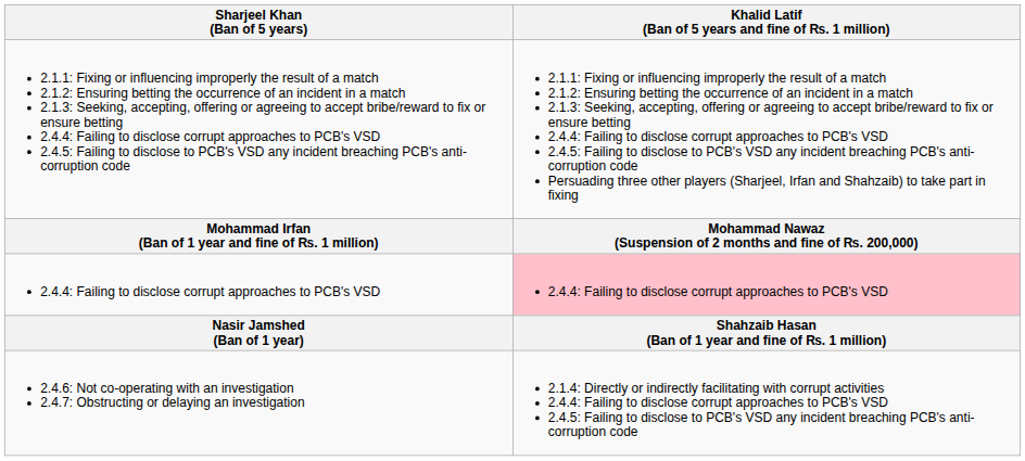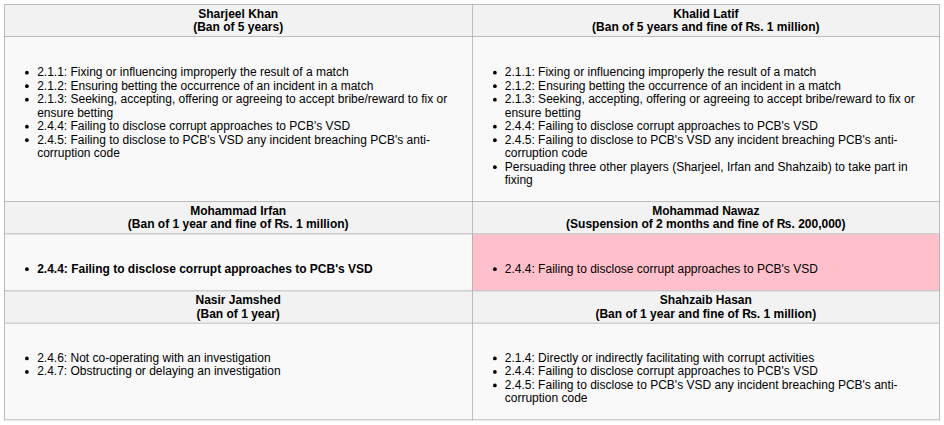 <table class=wikitable>
 <tr>
 <th style="width:50%">Sharjeel Khan<br>(Ban of 5 years)</th>
 <th style="width:50%">Khalid Latif<br>(Ban of 5 years and fine of ₨. 1 million)</th>
 </tr>
 <tr>
 <td valign="top"><br><ul><li>2.1.1: Fixing or influencing improperly the result of a match</li><li>2.1.2: Ensuring betting the occurrence of an incident in a match</li><li>2.1.3: Seeking, accepting, offering or agreeing to accept bribe/reward to fix or ensure betting</li><li>2.4.4: Failing to disclose corrupt approaches to PCB's VSD</li><li>2.4.5: Failing to disclose to PCB's VSD any incident breaching PCB's anti-corruption code</li></ul></td>
 <td valign="top"><br><ul><li>2.1.1: Fixing or influencing improperly the result of a match</li><li>2.1.2: Ensuring betting the occurrence of an incident in a match</li><li>2.1.3: Seeking, accepting, offering or agreeing to accept bribe/reward to fix or ensure betting</li><li>2.4.4: Failing to disclose corrupt approaches to PCB's VSD</li><li>2.4.5: Failing to disclose to PCB's VSD any incident breaching PCB's anti-corruption code</li><li>Persuading three other players (Sharjeel, Irfan and Shahzaib) to take part in fixing</li></ul></td>
 </tr>
 <tr>
 <th style="width:50%">Mohammad Irfan<br>(Ban of 1 year and fine of ₨. 1 million)</th>
 <th style="width:50%">Mohammad Nawaz<br>(Suspension of 2 months and fine of ₨. 200,000)</th>
 </tr>
 <tr>
-<td valign="top"><br><ul><li>2.4.4: Failing to disclose corrupt approaches to PCB's VSD</li></ul></td>
+<td valign="top"><strong><br><ul><li>2.4.4: Failing to disclose corrupt approaches to PCB's VSD</li></ul></strong></td>
 <td valign="top" style="background: pink;"><br><ul><li>2.4.4: Failing to disclose corrupt approaches to PCB's VSD</li></ul></td>
 </tr>
 <tr>
 <th style="width:50%">Nasir Jamshed<br>(Ban of 1 year)</th>
 <th style="width:50%">Shahzaib Hasan<br>(Ban of 1 year and fine of ₨. 1 million)</th>
 </tr>
 <tr>
 <td valign="top"><br><ul><li>2.4.6: Not co-operating with an investigation</li><li>2.4.7: Obstructing or delaying an investigation</li></ul></td>
 <td valign="top"><br><ul><li>2.1.4: Directly or indirectly facilitating with corrupt activities</li><li>2.4.4: Failing to disclose corrupt approaches to PCB's VSD</li><li>2.4.5: Failing to disclose to PCB's VSD any incident breaching PCB's anti-corruption code</li></ul></td>
 </tr>
 </table>
